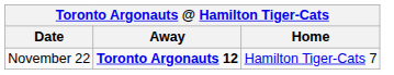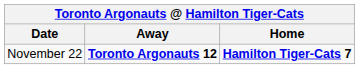 <table class="wikitable">
 <tr>
 <th colspan=4><a href='#'>Toronto Argonauts</a> @ <a href='#'>Hamilton Tiger-Cats</a></th>
 </tr>
 <tr>
 <th>Date</th>
 <th>Away</th>
 <th>Home</th>
 </tr>
 <tr>
 <td>November 22</td>
 <td><strong><a href='#'>Toronto Argonauts</a> 12</strong></td>
-<td><a href='#'>Hamilton Tiger-Cats</a> 7</td>
+<td><strong><a href='#'>Hamilton Tiger-Cats</a> 7</strong></td>
 </tr>
 </table>
